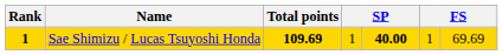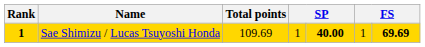 <table class="wikitable sortable">
 <tr>
 <th>Rank</th>
 <th>Name</th>
 <th>Total points</th>
 <th colspan="2" width="80px"><a href='#'>SP</a></th>
 <th colspan="2" width="80px"><a href='#'>FS</a></th>
 </tr>
 <tr bgcolor="gold">
 <td align="center"><strong>1</strong></td>
 <td><a href='#'>Sae Shimizu</a> / <a href='#'>Lucas Tsuyoshi Honda</a></td>
-<td align="center"><strong>109.69</strong></td>
+<td align="center">109.69</td>
 <td align="center">1</td>
 <td align="center"><strong>40.00</strong></td>
 <td align="center">1</td>
-<td align="center">69.69</td>
+<td align="center"><strong>69.69</strong></td>
 </tr>
 </table>
